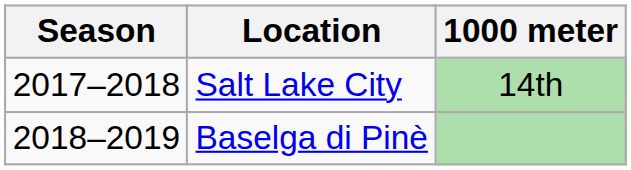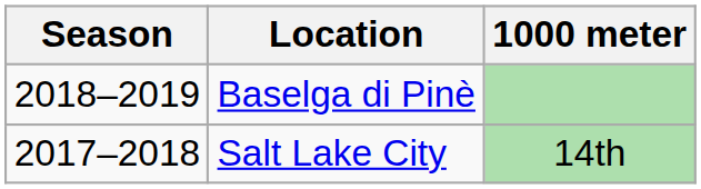 <table class="wikitable" style="display: inline-table;">
 <tr>
 <th>Season</th>
 <th>Location</th>
 <th colspan="1">1000 meter</th>
 </tr>
 <tr style="text-align:center">
+<td>2018–2019</td>
+<td align=left> <a href='#'>Baselga di Pinè</a></td>
+<td style="background:#addfad;"></td>
+</tr>
+<tr style="text-align:center">
 <td>2017–2018</td>
 <td align=left> <a href='#'>Salt Lake City</a></td>
 <td style="background:#addfad;">14th</td>
 </tr>
-<tr style="text-align:center">
-<td>2018–2019</td>
-<td align=left> <a href='#'>Baselga di Pinè</a></td>
-<td style="background:#addfad;"></td>
-</tr>
 </table>
